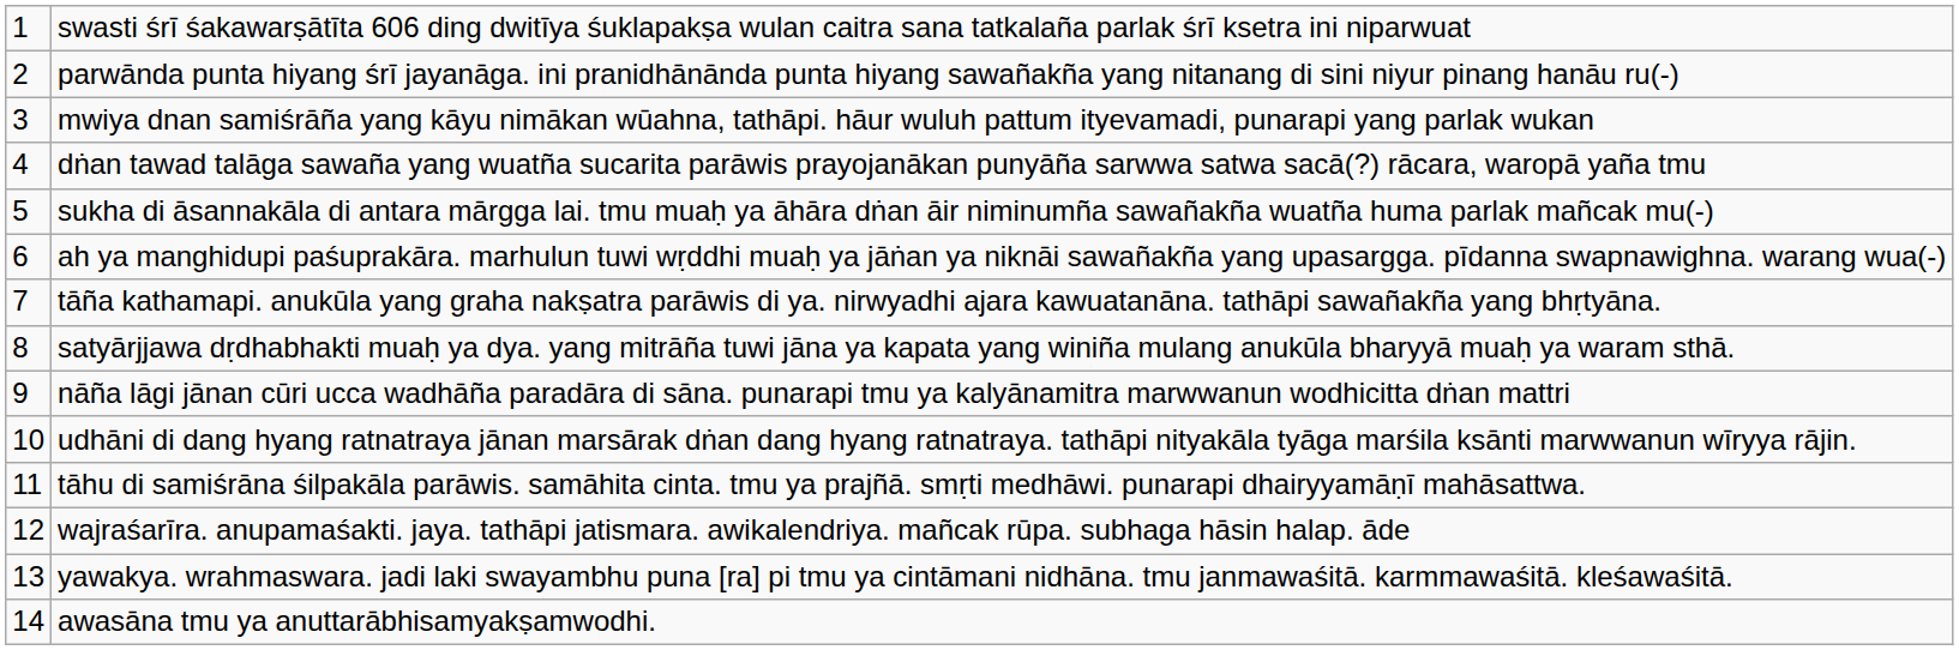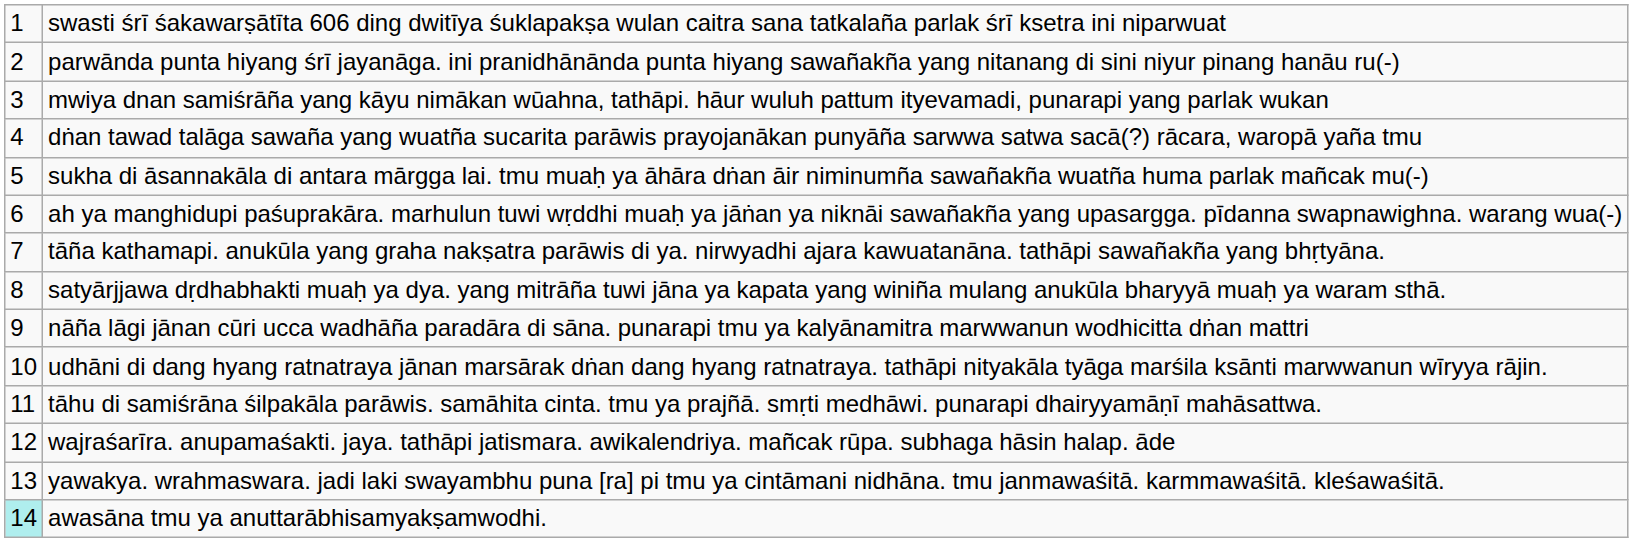 <table class="wikitable">
 <tr>
 <td>1</td>
 <td>swasti śrī śakawarṣātīta 606 ding dwitīya śuklapakṣa wulan caitra sana tatkalaña parlak śrī ksetra ini niparwuat</td>
 </tr>
 <tr>
 <td>2</td>
 <td>parwānda punta hiyang śrī jayanāga. ini pranidhānānda punta hiyang sawañakña yang nitanang di sini niyur pinang hanāu ru(-)</td>
 </tr>
 <tr>
 <td>3</td>
 <td>mwiya dnan samiśrāña yang kāyu nimākan wūahna, tathāpi. hāur wuluh pattum ityevamadi, punarapi yang parlak wukan</td>
 </tr>
 <tr>
 <td>4</td>
 <td>dṅan tawad talāga sawaña yang wuatña sucarita parāwis prayojanākan punyāña sarwwa satwa sacā(?) rācara, waropā yaña tmu</td>
 </tr>
 <tr>
 <td>5</td>
 <td>sukha di āsannakāla di antara mārgga lai. tmu muaḥ ya āhāra dṅan āir niminumña sawañakña wuatña huma parlak mañcak mu(-)</td>
 </tr>
 <tr>
 <td>6</td>
 <td>ah ya manghidupi paśuprakāra. marhulun tuwi wṛddhi muaḥ ya jāṅan ya niknāi sawañakña yang upasargga. pīdanna swapnawighna. warang wua(-)</td>
 </tr>
 <tr>
 <td>7</td>
 <td>tāña kathamapi. anukūla yang graha nakṣatra parāwis di ya. nirwyadhi ajara kawuatanāna. tathāpi sawañakña yang bhṛtyāna.</td>
 </tr>
 <tr>
 <td>8</td>
 <td>satyārjjawa dṛdhabhakti muaḥ ya dya. yang mitrāña tuwi jāna ya kapata yang winiña mulang anukūla bharyyā muaḥ ya waram sthā.</td>
 </tr>
 <tr>
 <td>9</td>
 <td>nāña lāgi jānan cūri ucca wadhāña paradāra di sāna. punarapi tmu ya kalyānamitra marwwanun wodhicitta dṅan mattri</td>
 </tr>
 <tr>
 <td>10</td>
 <td>udhāni di dang hyang ratnatraya jānan marsārak dṅan dang hyang ratnatraya. tathāpi nityakāla tyāga marśila ksānti marwwanun wīryya rājin.</td>
 </tr>
 <tr>
 <td>11</td>
 <td>tāhu di samiśrāna śilpakāla parāwis. samāhita cinta. tmu ya prajñā. smṛti medhāwi. punarapi dhairyyamāṇī mahāsattwa.</td>
 </tr>
 <tr>
 <td>12</td>
 <td>wajraśarīra. anupamaśakti. jaya. tathāpi jatismara. awikalendriya. mañcak rūpa. subhaga hāsin halap. āde</td>
 </tr>
 <tr>
 <td>13</td>
 <td>yawakya. wrahmaswara. jadi laki swayambhu puna [ra] pi tmu ya cintāmani nidhāna. tmu janmawaśitā. karmmawaśitā. kleśawaśitā.</td>
 </tr>
 <tr>
-<td>14</td>
+<td style="background: paleturquoise;">14</td>
 <td>awasāna tmu ya anuttarābhisamyakṣamwodhi.</td>
 </tr>
 </table>
